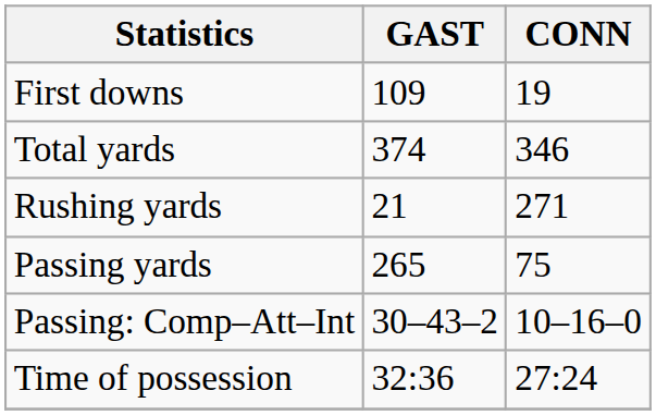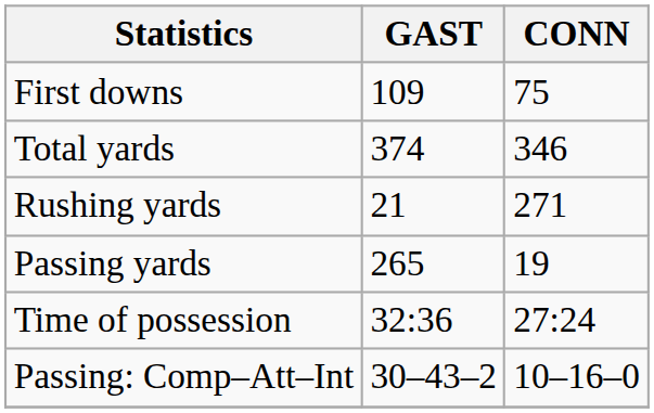 <table class="wikitable" style="float: left;">
 <tr>
 <th>Statistics</th>
 <th>GAST</th>
 <th>CONN</th>
 </tr>
 <tr>
 <td>First downs</td>
 <td>109</td>
-<td>19</td>
+<td>75</td>
 </tr>
 <tr>
 <td>Total yards</td>
 <td>374</td>
 <td>346</td>
 </tr>
 <tr>
 <td>Rushing yards</td>
 <td>21</td>
 <td>271</td>
 </tr>
 <tr>
 <td>Passing yards</td>
 <td>265</td>
-<td>75</td>
+<td>19</td>
+</tr>
+<tr>
+<td>Time of possession</td>
+<td>32:36</td>
+<td>27:24</td>
 </tr>
 <tr>
 <td>Passing: Comp–Att–Int</td>
 <td>30–43–2</td>
 <td>10–16–0</td>
 </tr>
 <tr>
-<td>Time of possession</td>
-<td>32:36</td>
-<td>27:24</td>
-</tr>
-<tr>
 </tr>
 </table>
